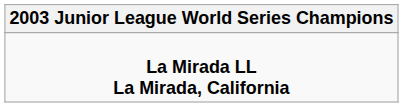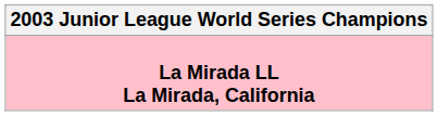 <table class="wikitable" style="text-align: center; margin: 0 auto;">
 <tr>
 <th>2003 Junior League World Series Champions</th>
 </tr>
 <tr>
 </tr>
 <tr>
-<td><br><strong>La Mirada LL</strong><br><strong>La Mirada, California</strong></td>
+<td style="background: pink;"><br><strong>La Mirada LL</strong><br><strong>La Mirada, California</strong></td>
 </tr>
 </table>
